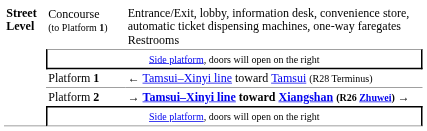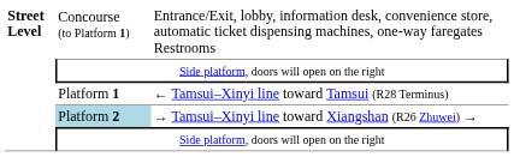 <table table border=0 cellspacing=0 cellpadding=3>
 <tr>
 <td style="border-bottom:solid 1px gray;" width=50 rowspan=10 valign=top><strong>Street Level</strong></td>
 </tr>
 <tr>
 <td style="border-top:solid 1px white;" rowspan=2 valign=top>Concourse<br><small>(to Platform <span><strong>1</strong></span>)</small></td>
 </tr>
 <tr>
 <td width=390>Entrance/Exit, lobby, information desk, convenience store, automatic ticket dispensing machines, one-way faregates<br>Restrooms</td>
 </tr>
 <tr>
 <td style="border-right:solid 2px black;border-left:solid 2px black;border-bottom:solid 2px black;border-top:solid 1px gray;text-align:center;" colspan=2><small><a href='#'>Side platform</a>, doors will open on the right</small></td>
 </tr>
 <tr>
 <td style="border-bottom:solid 1px gray;" width=100>Platform <span><strong>1</strong></span></td>
 <td style="border-bottom:solid 1px gray;" width=310>←  <a href='#'>Tamsui–Xinyi line</a> toward <a href='#'>Tamsui</a> <small>(R28 Terminus)</small></td>
 </tr>
 <tr>
-<td>Platform <span><strong>2</strong></span></td>
-<td><strong><span>→</span>  <a href='#'>Tamsui–Xinyi line</a> toward <a href='#'>Xiangshan</a> <small>(R26 <a href='#'>Zhuwei</a>)</small> →</strong></td>
+<td style="background: lightblue;">Platform <span><strong>2</strong></span></td>
+<td><span>→</span>  <a href='#'>Tamsui–Xinyi line</a> toward <a href='#'>Xiangshan</a> <small>(R26 <a href='#'>Zhuwei</a>)</small> →</td>
 </tr>
 <tr>
 <td style="border-top:solid 2px black;border-right:solid 2px black;border-left:solid 2px black;border-bottom:solid 1px gray;text-align:center;" colspan=2><small><a href='#'>Side platform</a>, doors will open on the right</small></td>
 </tr>
 </table>
